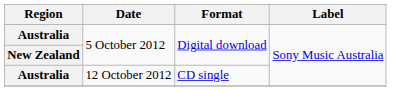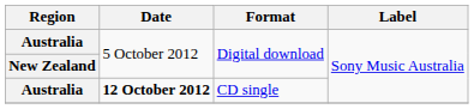 <table class="wikitable plainrowheaders">
 <tr>
 <th scope="col">Region</th>
 <th scope="col">Date</th>
 <th scope="col">Format</th>
 <th scope="col">Label</th>
 </tr>
 <tr>
 <th scope="row">Australia</th>
 <td rowspan="2">5 October 2012</td>
 <td rowspan="2"><a href='#'>Digital download</a></td>
 <td rowspan="3"><a href='#'>Sony Music Australia</a></td>
 </tr>
 <tr>
 <th scope="row">New Zealand</th>
 </tr>
 <tr>
 <th scope="row">Australia</th>
-<td>12 October 2012</td>
+<td><strong>12 October 2012</strong></td>
 <td><a href='#'>CD single</a></td>
 </tr>
 <tr>
 </tr>
 </table>
